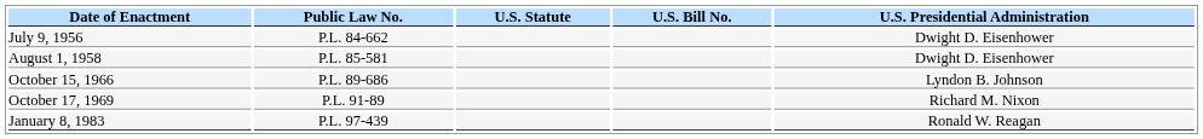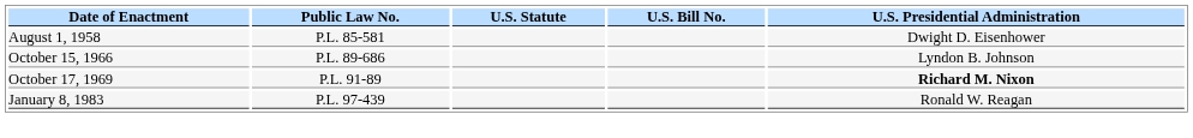 <table style="border:1px solid gray; align:left; width:100%" cellspacing=3 cellpadding=0>
 <tr style="font-weight:bold; text-align:center; background:#bbddff; color:black;">
 <th style=" border-bottom:1.5px solid black">Date of Enactment</th>
 <th style=" border-bottom:1.5px solid black">Public Law No.</th>
 <th style=" border-bottom:1.5px solid black">U.S. Statute</th>
 <th style=" border-bottom:1.5px solid black">U.S. Bill No.</th>
 <th style=" border-bottom:1.5px solid black">U.S. Presidential Administration</th>
-</tr>
-<tr>
-<td style="border-bottom:1px solid gray; background:#F5F5F5;">July 9, 1956</td>
-<td style="border-bottom:1px solid gray; background:#F5F5F5; text-align:center;">P.L. 84-662</td>
-<td style="border-bottom:1px solid gray; background:#F5F5F5; text-align:center;"></td>
-<td style="border-bottom:1px solid gray; background:#F5F5F5; text-align:center;"></td>
-<td style="border-bottom:1px solid gray; background:#F5F5F5; text-align:center;">Dwight D. Eisenhower</td>
 </tr>
 <tr>
 <td style="border-bottom:1px solid gray; background:#F5F5F5;">August 1, 1958</td>
 <td style="border-bottom:1px solid gray; background:#F5F5F5; text-align:center;">P.L. 85-581</td>
 <td style="border-bottom:1px solid gray; background:#F5F5F5; text-align:center;"></td>
 <td style="border-bottom:1px solid gray; background:#F5F5F5; text-align:center;"></td>
 <td style="border-bottom:1px solid gray; background:#F5F5F5; text-align:center;">Dwight D. Eisenhower</td>
 </tr>
 <tr>
 <td style="border-bottom:1px solid gray; background:#F5F5F5;">October 15, 1966</td>
 <td style="border-bottom:1px solid gray; background:#F5F5F5; text-align:center;">P.L. 89-686</td>
 <td style="border-bottom:1px solid gray; background:#F5F5F5; text-align:center;"></td>
 <td style="border-bottom:1px solid gray; background:#F5F5F5; text-align:center;"></td>
 <td style="border-bottom:1px solid gray; background:#F5F5F5; text-align:center;">Lyndon B. Johnson</td>
 </tr>
 <tr>
 <td style="border-bottom:1px solid gray; background:#F5F5F5;">October 17, 1969</td>
 <td style="border-bottom:1px solid gray; background:#F5F5F5; text-align:center;">P.L. 91-89</td>
 <td style="border-bottom:1px solid gray; background:#F5F5F5; text-align:center;"></td>
 <td style="border-bottom:1px solid gray; background:#F5F5F5; text-align:center;"></td>
-<td style="border-bottom:1px solid gray; background:#F5F5F5; text-align:center;">Richard M. Nixon</td>
+<td style="border-bottom:1px solid gray; background:#F5F5F5; text-align:center;"><strong>Richard M. Nixon</strong></td>
 </tr>
 <tr>
 <td style="border-bottom:1.5px solid black; background:#F5F5F5;">January 8, 1983</td>
 <td style="border-bottom:1.5px solid black; background:#F5F5F5; text-align:center;">P.L. 97-439</td>
 <td style="border-bottom:1.5px solid black; background:#F5F5F5; text-align:center;"></td>
 <td style="border-bottom:1.5px solid black; background:#F5F5F5; text-align:center;"></td>
 <td style="border-bottom:1.5px solid black; background:#F5F5F5; text-align:center;">Ronald W. Reagan</td>
 </tr>
 </table>
